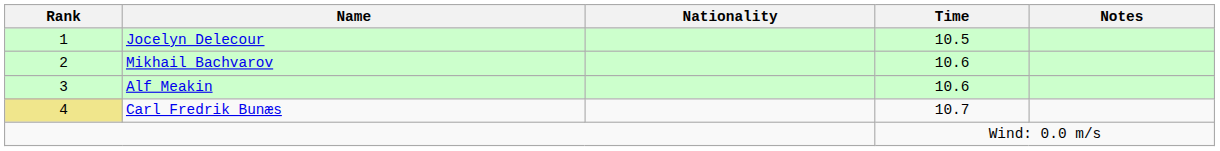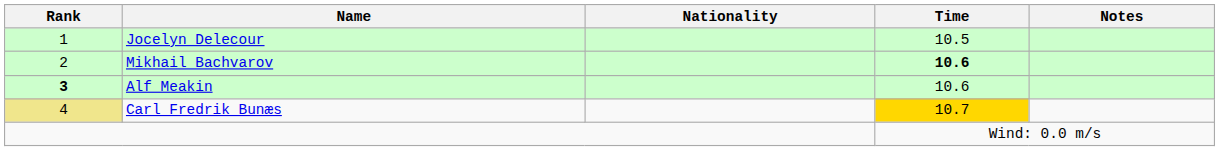 <table class="wikitable sortable" style="text-align:center;width: 55%">
 <tr>
 <th>Rank</th>
 <th>Name</th>
 <th>Nationality</th>
 <th>Time</th>
 <th>Notes</th>
 </tr>
 <tr bgcolor=ccffcc>
 <td>1</td>
 <td align=left><a href='#'>Jocelyn Delecour</a></td>
 <td align=left></td>
 <td>10.5</td>
 <td></td>
 </tr>
 <tr bgcolor=ccffcc>
 <td>2</td>
 <td align=left><a href='#'>Mikhail Bachvarov</a></td>
 <td align=left></td>
-<td>10.6</td>
+<td><strong>10.6</strong></td>
 <td></td>
 </tr>
 <tr bgcolor=ccffcc>
-<td>3</td>
+<td><strong>3</strong></td>
 <td align=left><a href='#'>Alf Meakin</a></td>
 <td align=left></td>
 <td>10.6</td>
 <td></td>
 </tr>
 <tr>
 <td style="background: khaki;">4</td>
 <td align=left><a href='#'>Carl Fredrik Bunæs</a></td>
 <td align=left></td>
-<td>10.7</td>
+<td style="background: gold;">10.7</td>
 <td></td>
 </tr>
 <tr>
 <td colspan="3"></td>
 <td colspan="2">Wind: 0.0 m/s</td>
 </tr>
 </table>
